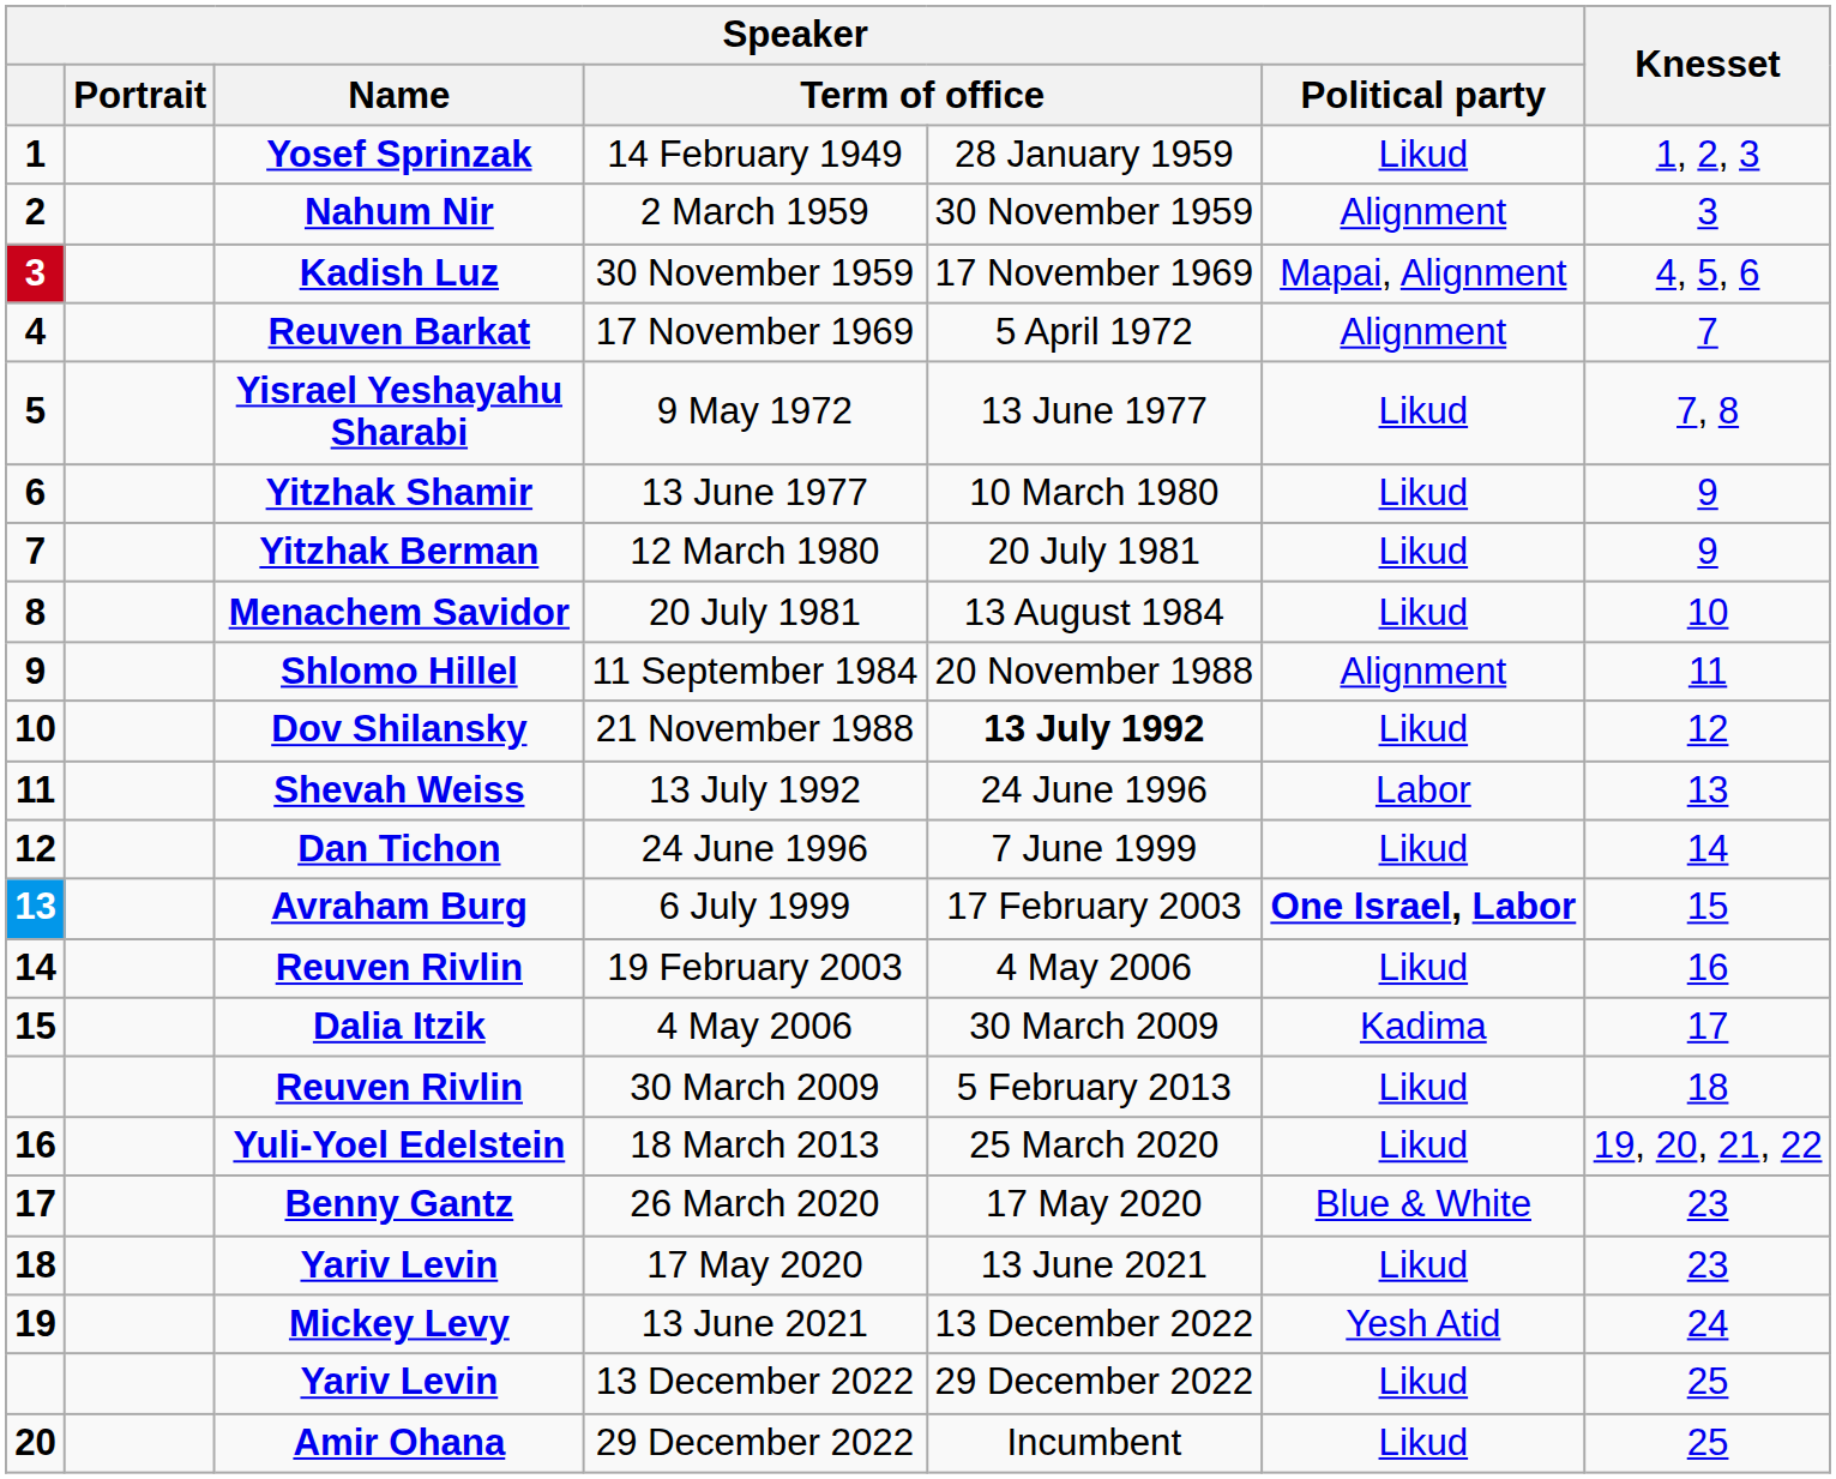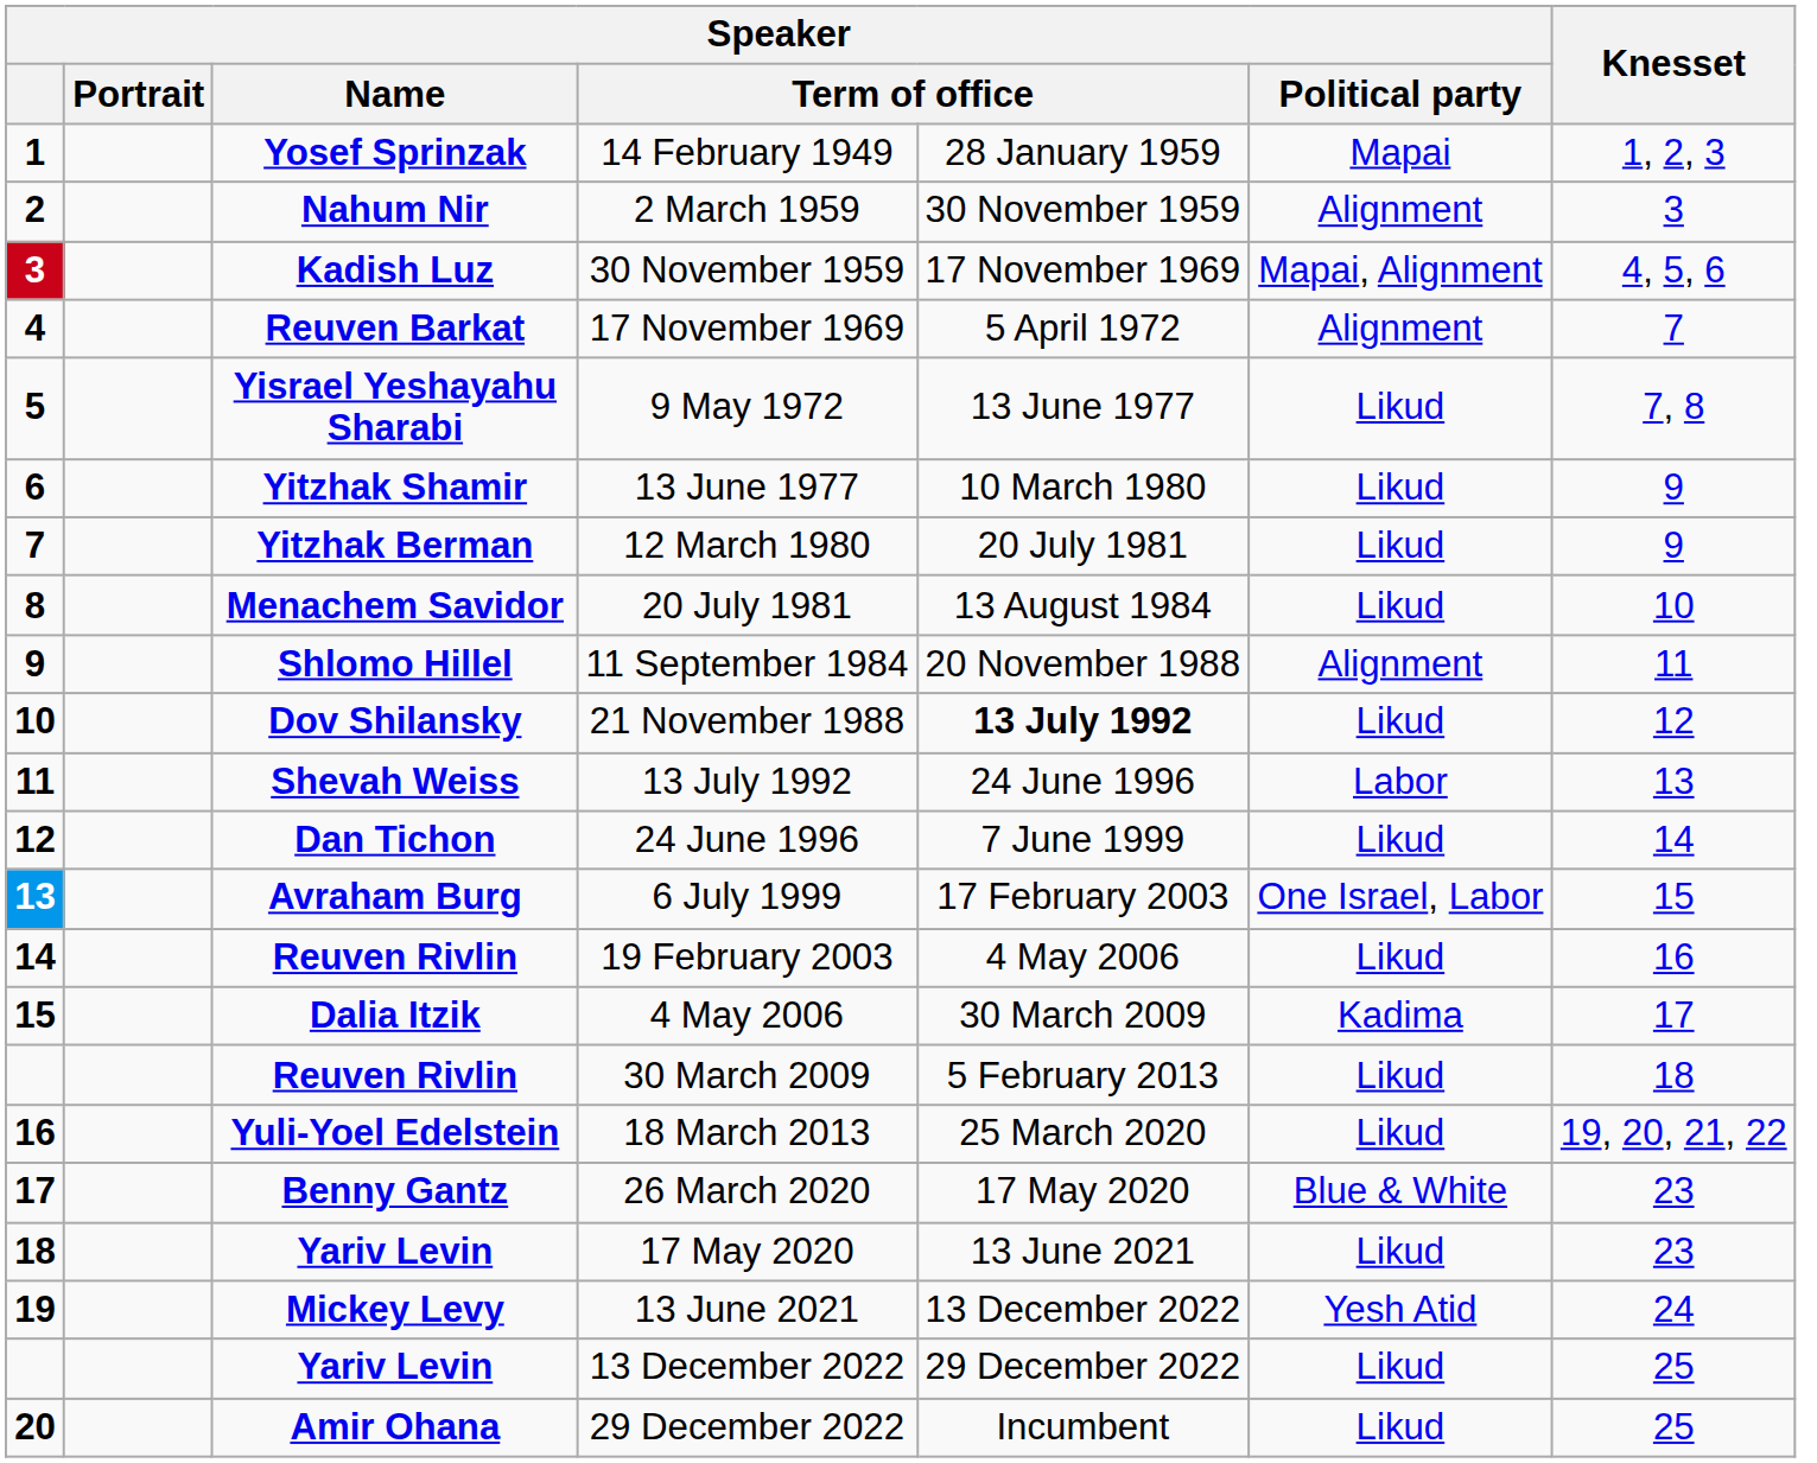 <table class=wikitable style=text-align:center>
 <tr>
 <th colspan=6>Speaker</th>
 <th rowspan=2>Knesset</th>
 </tr>
 <tr>
 <th></th>
 <th>Portrait</th>
 <th width=150>Name<br></th>
 <th colspan="2" width=250>Term of office</th>
 <th>Political party</th>
 </tr>
 <tr>
 <td style="background:"><strong>1</strong></td>
 <td></td>
 <td><strong><a href='#'>Yosef Sprinzak</a></strong><br></td>
 <td>14 February 1949</td>
 <td>28 January 1959</td>
-<td><a href='#'>Likud</a></td>
+<td><a href='#'>Mapai</a></td>
 <td><a href='#'>1</a>, <a href='#'>2</a>, <a href='#'>3</a></td>
 </tr>
 <tr>
 <td style="background:"><strong>2</strong></td>
 <td></td>
 <td><strong><a href='#'>Nahum Nir</a></strong><br></td>
 <td>2 March 1959</td>
 <td>30 November 1959</td>
 <td><a href='#'>Alignment</a></td>
 <td><a href='#'>3</a></td>
 </tr>
 <tr>
 <td style="background:#C9021A; color:white;"><strong>3</strong></td>
 <td></td>
 <td><strong><a href='#'>Kadish Luz</a></strong><br></td>
 <td>30 November 1959</td>
 <td>17 November 1969</td>
 <td><a href='#'>Mapai</a>, <a href='#'>Alignment</a></td>
 <td><a href='#'>4</a>, <a href='#'>5</a>, <a href='#'>6</a></td>
 </tr>
 <tr>
 <td style="background:"><strong>4</strong></td>
 <td></td>
 <td><strong><a href='#'>Reuven Barkat</a></strong><br></td>
 <td>17 November 1969</td>
 <td>5 April 1972</td>
 <td><a href='#'>Alignment</a></td>
 <td><a href='#'>7</a></td>
 </tr>
 <tr>
 <td style="background:"><strong>5</strong></td>
 <td></td>
 <td><strong><a href='#'>Yisrael Yeshayahu Sharabi</a></strong><br></td>
 <td>9 May 1972</td>
 <td>13 June 1977</td>
 <td><a href='#'>Likud</a></td>
 <td><a href='#'>7</a>, <a href='#'>8</a></td>
 </tr>
 <tr>
 <td style="background:"><strong>6</strong></td>
 <td></td>
 <td><strong><a href='#'>Yitzhak Shamir</a></strong><br></td>
 <td>13 June 1977</td>
 <td>10 March 1980</td>
 <td><a href='#'>Likud</a></td>
 <td><a href='#'>9</a></td>
 </tr>
 <tr>
 <td style="background:"><strong>7</strong></td>
 <td></td>
 <td><strong><a href='#'>Yitzhak Berman</a></strong><br></td>
 <td>12 March 1980</td>
 <td>20 July 1981</td>
 <td><a href='#'>Likud</a></td>
 <td><a href='#'>9</a></td>
 </tr>
 <tr>
 <td style="background:"><strong>8</strong></td>
 <td></td>
 <td><strong><a href='#'>Menachem Savidor</a></strong><br></td>
 <td>20 July 1981</td>
 <td>13 August 1984</td>
 <td><a href='#'>Likud</a></td>
 <td><a href='#'>10</a></td>
 </tr>
 <tr>
 <td style="background:"><strong>9</strong></td>
 <td></td>
 <td><strong><a href='#'>Shlomo Hillel</a></strong><br></td>
 <td>11 September 1984</td>
 <td>20 November 1988</td>
 <td><a href='#'>Alignment</a></td>
 <td><a href='#'>11</a></td>
 </tr>
 <tr>
 <td style="background:"><strong>10</strong></td>
 <td></td>
 <td><strong><a href='#'>Dov Shilansky</a></strong><br></td>
 <td>21 November 1988</td>
 <td><strong>13 July 1992</strong></td>
 <td><a href='#'>Likud</a></td>
 <td><a href='#'>12</a></td>
 </tr>
 <tr>
 <td style="background:"><strong>11</strong></td>
 <td></td>
 <td><strong><a href='#'>Shevah Weiss</a></strong><br></td>
 <td>13 July 1992</td>
 <td>24 June 1996</td>
 <td><a href='#'>Labor</a></td>
 <td><a href='#'>13</a></td>
 </tr>
 <tr>
 <td style="background:"><strong>12</strong></td>
 <td></td>
 <td><strong><a href='#'>Dan Tichon</a></strong><br></td>
 <td>24 June 1996</td>
 <td>7 June 1999</td>
 <td><a href='#'>Likud</a></td>
 <td><a href='#'>14</a></td>
 </tr>
 <tr>
 <td style="background:#0297EA; color:white;"><strong>13</strong></td>
 <td></td>
 <td><strong><a href='#'>Avraham Burg</a></strong><br></td>
 <td>6 July 1999</td>
 <td>17 February 2003</td>
-<td><strong><a href='#'>One Israel</a>, <a href='#'>Labor</a></strong></td>
+<td><a href='#'>One Israel</a>, <a href='#'>Labor</a></td>
 <td><a href='#'>15</a></td>
 </tr>
 <tr>
 <td style="background:"><strong>14</strong></td>
 <td></td>
 <td><strong><a href='#'>Reuven Rivlin</a></strong><br></td>
 <td>19 February 2003</td>
 <td>4 May 2006</td>
 <td><a href='#'>Likud</a></td>
 <td><a href='#'>16</a></td>
 </tr>
 <tr>
 <td style="background:"><strong>15</strong></td>
 <td></td>
 <td><strong><a href='#'>Dalia Itzik</a></strong><br></td>
 <td>4 May 2006</td>
 <td>30 March 2009</td>
 <td><a href='#'>Kadima</a></td>
 <td><a href='#'>17</a></td>
 </tr>
 <tr>
 <td style="background:"></td>
 <td></td>
 <td><strong><a href='#'>Reuven Rivlin</a></strong><br></td>
 <td>30 March 2009</td>
 <td>5 February 2013</td>
 <td><a href='#'>Likud</a></td>
 <td><a href='#'>18</a></td>
 </tr>
 <tr>
 <td style="background:"><strong>16</strong></td>
 <td></td>
 <td><strong><a href='#'>Yuli-Yoel Edelstein</a></strong><br></td>
 <td>18 March 2013</td>
 <td>25 March 2020</td>
 <td><a href='#'>Likud</a></td>
 <td><a href='#'>19</a>, <a href='#'>20</a>, <a href='#'>21</a>, <a href='#'>22</a></td>
 </tr>
 <tr>
 <td style="background:"><strong>17</strong></td>
 <td></td>
 <td><strong><a href='#'>Benny Gantz</a></strong><br></td>
 <td>26 March 2020</td>
 <td>17 May 2020</td>
 <td><a href='#'>Blue & White</a></td>
 <td><a href='#'>23</a></td>
 </tr>
 <tr>
 <td style="background:"><strong>18</strong></td>
 <td></td>
 <td><strong><a href='#'>Yariv Levin</a></strong><br></td>
 <td>17 May 2020</td>
 <td>13 June 2021</td>
 <td><a href='#'>Likud</a></td>
 <td><a href='#'>23</a></td>
 </tr>
 <tr>
 <td style="background:"><strong>19</strong></td>
 <td></td>
 <td><strong><a href='#'>Mickey Levy</a></strong><br></td>
 <td>13 June 2021</td>
 <td>13 December 2022</td>
 <td><a href='#'>Yesh Atid</a></td>
 <td><a href='#'>24</a></td>
 </tr>
 <tr>
 <td style="background:"></td>
 <td></td>
 <td><strong><a href='#'>Yariv Levin</a></strong><br></td>
 <td>13 December 2022</td>
 <td>29 December 2022</td>
 <td><a href='#'>Likud</a></td>
 <td><a href='#'>25</a></td>
 </tr>
 <tr>
 <td style="background:"><strong>20</strong></td>
 <td></td>
 <td><strong><a href='#'>Amir Ohana</a></strong><br></td>
 <td>29 December 2022</td>
 <td>Incumbent</td>
 <td><a href='#'>Likud</a></td>
 <td><a href='#'>25</a></td>
 </tr>
 </table>
